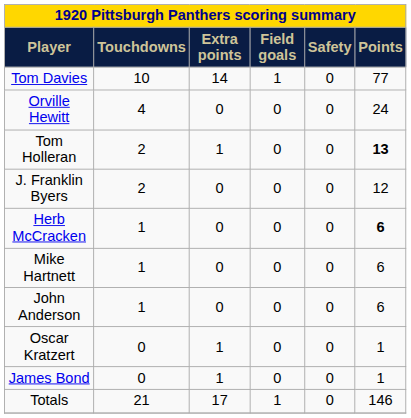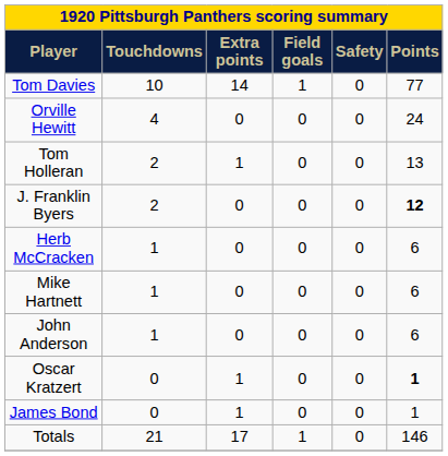 <table class="wikitable" width="35%">
 <tr>
 <th colspan="10" style="background:gold; color:darkblue; text-align: center;"><strong>1920 Pittsburgh Panthers scoring summary</strong></th>
 </tr>
 <tr align="center"  style="background:#091C44;color:#CEC499;">
 <td><strong>Player</strong></td>
 <td><strong>Touchdowns</strong></td>
 <td><strong>Extra points</strong></td>
 <td><strong>Field goals</strong></td>
 <td><strong>Safety</strong></td>
 <td><strong>Points</strong></td>
 </tr>
 <tr align="center" bgcolor="">
 <td><a href='#'>Tom Davies</a></td>
 <td>10</td>
 <td>14</td>
 <td>1</td>
 <td>0</td>
 <td>77</td>
 </tr>
 <tr align="center" bgcolor="">
 <td><a href='#'>Orville Hewitt</a></td>
 <td>4</td>
 <td>0</td>
 <td>0</td>
 <td>0</td>
 <td>24</td>
 </tr>
 <tr align="center" bgcolor="">
 <td>Tom Holleran</td>
 <td>2</td>
 <td>1</td>
 <td>0</td>
 <td>0</td>
-<td><strong>13</strong></td>
+<td>13</td>
 </tr>
 <tr align="center" bgcolor="">
 <td>J. Franklin Byers</td>
 <td>2</td>
 <td>0</td>
 <td>0</td>
 <td>0</td>
-<td>12</td>
+<td><strong>12</strong></td>
 </tr>
 <tr align="center" bgcolor="">
 <td><a href='#'>Herb McCracken</a></td>
 <td>1</td>
 <td>0</td>
 <td>0</td>
 <td>0</td>
-<td><strong>6</strong></td>
+<td>6</td>
 </tr>
 <tr align="center" bgcolor="">
 <td>Mike Hartnett</td>
 <td>1</td>
 <td>0</td>
 <td>0</td>
 <td>0</td>
 <td>6</td>
 </tr>
 <tr align="center" bgcolor="">
 <td>John Anderson</td>
 <td>1</td>
 <td>0</td>
 <td>0</td>
 <td>0</td>
 <td>6</td>
 </tr>
 <tr align="center" bgcolor="">
 <td>Oscar Kratzert</td>
 <td>0</td>
 <td>1</td>
 <td>0</td>
 <td>0</td>
-<td>1</td>
+<td><strong>1</strong></td>
 </tr>
 <tr align="center" bgcolor="">
 <td><a href='#'>James Bond</a></td>
 <td>0</td>
 <td>1</td>
 <td>0</td>
 <td>0</td>
 <td>1</td>
 </tr>
 <tr align="center" bgcolor="">
 <td>Totals</td>
 <td>21</td>
 <td>17</td>
 <td>1</td>
 <td>0</td>
 <td>146</td>
 </tr>
 <tr align="center" bgcolor="">
 </tr>
 </table>
